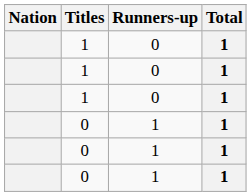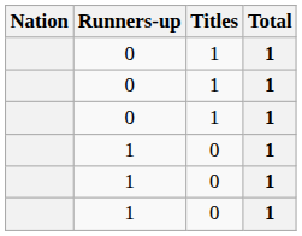 <table class="wikitable plainrowheaders sortable" style="text-align:center">
 <tr>
 <th scope="col">Nation</th>
+<th scope="col">Runners-up</th>
 <th scope="col">Titles</th>
-<th scope="col">Runners-up</th>
 <th scope="col">Total</th>
+</tr>
+<tr>
+<th scope="row" style="text-align:left"></th>
+<td>0</td>
+<td>1</td>
+<th>1</th>
+</tr>
+<tr>
+<th scope="row" style="text-align:left"></th>
+<td>0</td>
+<td>1</td>
+<th>1</th>
+</tr>
+<tr>
+<th scope="row" style="text-align:left"></th>
+<td>0</td>
+<td>1</td>
+<th>1</th>
 </tr>
 <tr>
 <th scope="row" style="text-align:left"></th>
 <td>1</td>
 <td>0</td>
 <th>1</th>
 </tr>
 <tr>
 <th scope="row" style="text-align:left"></th>
 <td>1</td>
 <td>0</td>
 <th>1</th>
 </tr>
 <tr>
 <th scope="row" style="text-align:left"></th>
 <td>1</td>
 <td>0</td>
 <th>1</th>
 </tr>
-<tr>
-<th scope="row" style="text-align:left"></th>
-<td>0</td>
-<td>1</td>
-<th>1</th>
-</tr>
-<tr>
-<th scope="row" style="text-align:left"></th>
-<td>0</td>
-<td>1</td>
-<th>1</th>
-</tr>
-<tr>
-<th scope="row" style="text-align:left"></th>
-<td>0</td>
-<td>1</td>
-<th>1</th>
-</tr>
 </table>
